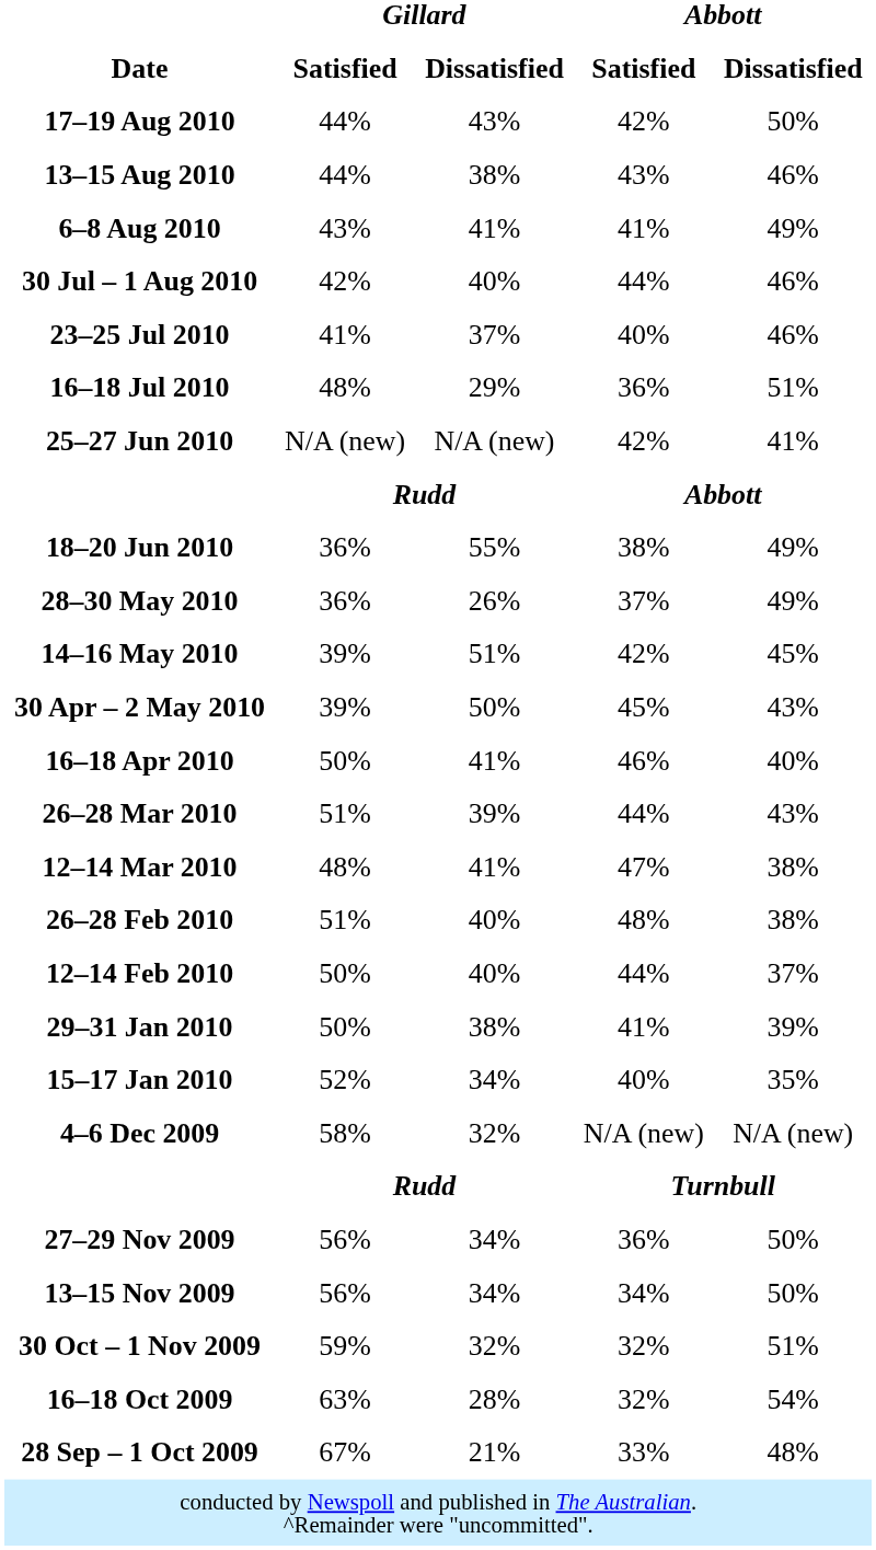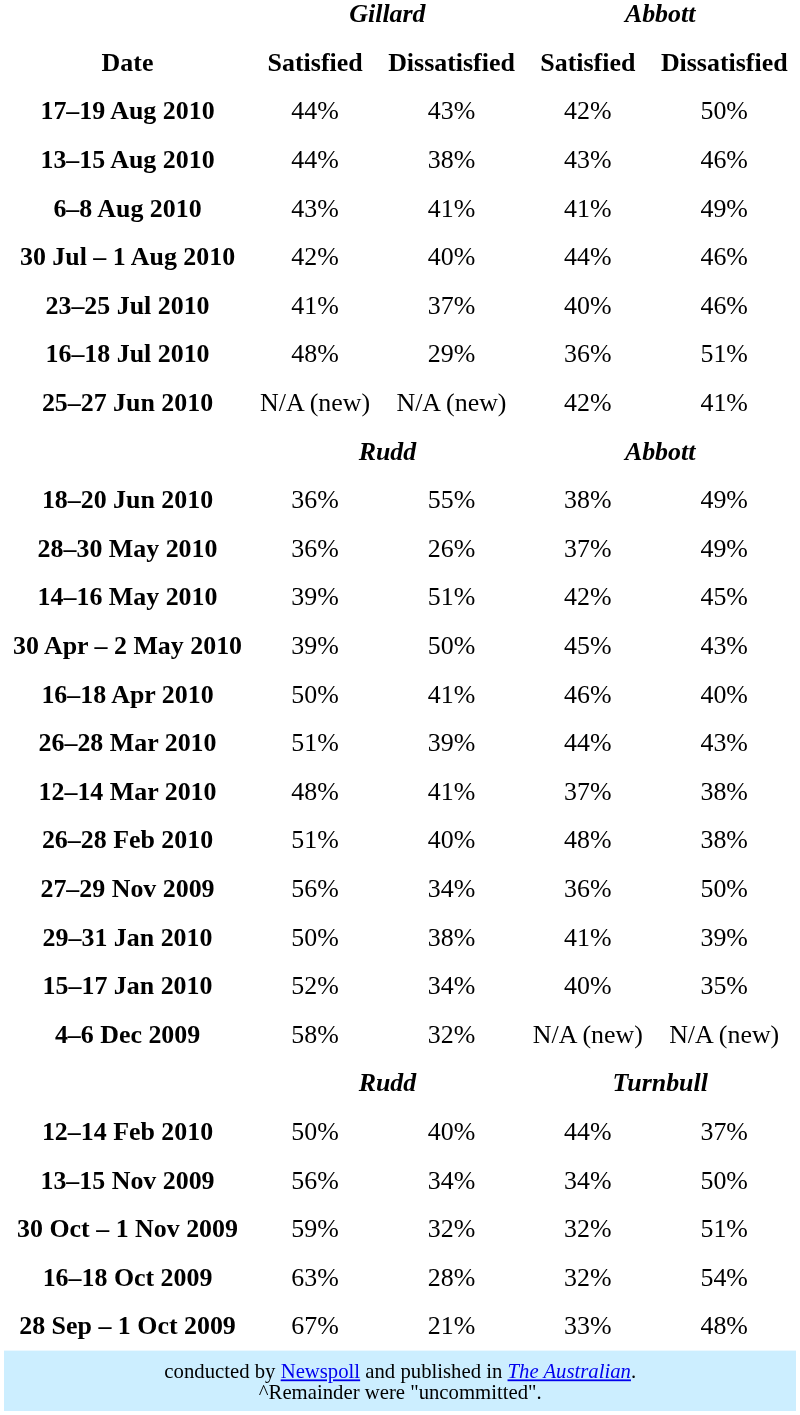 <table class="toccolours" cellpadding="5" cellspacing="0" style="float:left; margin-right:.5em; margin-top:.4em; font-size:90%;">
 <tr>
 </tr>
 <tr>
 <th></th>
 <th style=" text-align:center;" colspan="2"><em>Gillard</em></th>
 <th style=" text-align:center;" colspan="2"><em>Abbott</em></th>
 </tr>
 <tr>
 <th>Date</th>
 <th>Satisfied</th>
 <th>Dissatisfied</th>
 <th>Satisfied</th>
 <th>Dissatisfied</th>
 </tr>
 <tr |->
 <th style="text-align:center;">17–19 Aug 2010</th>
 <td style="text-align:center;">44%</td>
 <td style="text-align:center;">43%</td>
 <td style="text-align:center;">42%</td>
 <td style="text-align:center;">50%</td>
 </tr>
 <tr>
 <th style="text-align:center;">13–15 Aug 2010</th>
 <td style="text-align:center;">44%</td>
 <td style="text-align:center;">38%</td>
 <td style="text-align:center;">43%</td>
 <td style="text-align:center;">46%</td>
 </tr>
 <tr>
 <th style="text-align:center;">6–8 Aug 2010</th>
 <td style="text-align:center;">43%</td>
 <td style="text-align:center;">41%</td>
 <td style="text-align:center;">41%</td>
 <td style="text-align:center;">49%</td>
 </tr>
 <tr>
 <th style="text-align:center;">30 Jul – 1 Aug 2010</th>
 <td style="text-align:center;">42%</td>
 <td style="text-align:center;">40%</td>
 <td style="text-align:center;">44%</td>
 <td style="text-align:center;">46%</td>
 </tr>
 <tr>
 <th style="text-align:center;">23–25 Jul 2010</th>
 <td style="text-align:center;">41%</td>
 <td style="text-align:center;">37%</td>
 <td style="text-align:center;">40%</td>
 <td style="text-align:center;">46%</td>
 </tr>
 <tr>
 <th style="text-align:center;">16–18 Jul 2010</th>
 <td style="text-align:center;">48%</td>
 <td style="text-align:center;">29%</td>
 <td style="text-align:center;">36%</td>
 <td style="text-align:center;">51%</td>
 </tr>
 <tr>
 <th style="text-align:center;">25–27 Jun 2010</th>
 <td style="text-align:center;">N/A (new)</td>
 <td style="text-align:center;">N/A (new)</td>
 <td style="text-align:center;">42%</td>
 <td style="text-align:center;">41%</td>
 </tr>
 <tr>
 <th></th>
 <th style=" text-align:center;" colspan="2"><em>Rudd</em></th>
 <th style=" text-align:center;" colspan="2"><em>Abbott</em></th>
 </tr>
 <tr>
 <th style="text-align:center;">18–20 Jun 2010</th>
 <td style="text-align:center;">36%</td>
 <td style="text-align:center;">55%</td>
 <td style="text-align:center;">38%</td>
 <td style="text-align:center;">49%</td>
 </tr>
 <tr>
 <th style="text-align:center;">28–30 May 2010</th>
 <td style="text-align:center;">36%</td>
 <td style="text-align:center;">26%</td>
 <td style="text-align:center;">37%</td>
 <td style="text-align:center;">49%</td>
 </tr>
 <tr>
 <th style="text-align:center;">14–16 May 2010</th>
 <td style="text-align:center;">39%</td>
 <td style="text-align:center;">51%</td>
 <td style="text-align:center;">42%</td>
 <td style="text-align:center;">45%</td>
 </tr>
 <tr>
 <th style="text-align:center;">30 Apr – 2 May 2010</th>
 <td style="text-align:center;">39%</td>
 <td style="text-align:center;">50%</td>
 <td style="text-align:center;">45%</td>
 <td style="text-align:center;">43%</td>
 </tr>
 <tr>
 <th style="text-align:center;">16–18 Apr 2010</th>
 <td style="text-align:center;">50%</td>
 <td style="text-align:center;">41%</td>
 <td style="text-align:center;">46%</td>
 <td style="text-align:center;">40%</td>
 </tr>
 <tr>
 <th style="text-align:center;">26–28 Mar 2010</th>
 <td style="text-align:center;">51%</td>
 <td style="text-align:center;">39%</td>
 <td style="text-align:center;">44%</td>
 <td style="text-align:center;">43%</td>
 </tr>
 <tr>
 <th style="text-align:center;">12–14 Mar 2010</th>
 <td style="text-align:center;">48%</td>
 <td style="text-align:center;">41%</td>
-<td style="text-align:center;">47%</td>
+<td style="text-align:center;">37%</td>
 <td style="text-align:center;">38%</td>
 </tr>
 <tr>
 <th style="text-align:center;">26–28 Feb 2010</th>
 <td style="text-align:center;">51%</td>
 <td style="text-align:center;">40%</td>
 <td style="text-align:center;">48%</td>
 <td style="text-align:center;">38%</td>
 </tr>
 <tr>
-<th style="text-align:center;">12–14 Feb 2010</th>
+<th style="text-align:center;">27–29 Nov 2009</th>
+<td style="text-align:center;">56%</td>
+<td style="text-align:center;">34%</td>
+<td style="text-align:center;">36%</td>
 <td style="text-align:center;">50%</td>
-<td style="text-align:center;">40%</td>
-<td style="text-align:center;">44%</td>
-<td style="text-align:center;">37%</td>
 </tr>
 <tr>
 <th style="text-align:center;">29–31 Jan 2010</th>
 <td style="text-align:center;">50%</td>
 <td style="text-align:center;">38%</td>
 <td style="text-align:center;">41%</td>
 <td style="text-align:center;">39%</td>
 </tr>
 <tr>
 <th style="text-align:center;">15–17 Jan 2010</th>
 <td style="text-align:center;">52%</td>
 <td style="text-align:center;">34%</td>
 <td style="text-align:center;">40%</td>
 <td style="text-align:center;">35%</td>
 </tr>
 <tr>
 <th style="text-align:center;">4–6 Dec 2009</th>
 <td style="text-align:center;">58%</td>
 <td style="text-align:center;">32%</td>
 <td style="text-align:center;">N/A (new)</td>
 <td style="text-align:center;">N/A (new)</td>
 </tr>
 <tr>
 <th></th>
 <th style=" text-align:center;" colspan="2"><em>Rudd</em></th>
 <th style=" text-align:center;" colspan="2"><em>Turnbull</em></th>
 </tr>
 <tr>
-<th style="text-align:center;">27–29 Nov 2009</th>
-<td style="text-align:center;">56%</td>
-<td style="text-align:center;">34%</td>
-<td style="text-align:center;">36%</td>
+<th style="text-align:center;">12–14 Feb 2010</th>
 <td style="text-align:center;">50%</td>
+<td style="text-align:center;">40%</td>
+<td style="text-align:center;">44%</td>
+<td style="text-align:center;">37%</td>
 </tr>
 <tr>
 <th style="text-align:center;">13–15 Nov 2009</th>
 <td style="text-align:center;">56%</td>
 <td style="text-align:center;">34%</td>
 <td style="text-align:center;">34%</td>
 <td style="text-align:center;">50%</td>
 </tr>
 <tr>
 <th style="text-align:center;">30 Oct – 1 Nov 2009</th>
 <td style="text-align:center;">59%</td>
 <td style="text-align:center;">32%</td>
 <td style="text-align:center;">32%</td>
 <td style="text-align:center;">51%</td>
 </tr>
 <tr>
 <th style="text-align:center;">16–18 Oct 2009</th>
 <td style="text-align:center;">63%</td>
 <td style="text-align:center;">28%</td>
 <td style="text-align:center;">32%</td>
 <td style="text-align:center;">54%</td>
 </tr>
 <tr>
 <th style="text-align:center;">28 Sep – 1 Oct 2009</th>
 <td style="text-align:center;">67%</td>
 <td style="text-align:center;">21%</td>
 <td style="text-align:center;">33%</td>
 <td style="text-align:center;">48%</td>
 </tr>
 <tr>
 <td colspan="5"  style="font-size:80%; background:#cef; text-align:center;"> conducted by <a href='#'>Newspoll</a> and published in <em><a href='#'>The Australian</a></em>.<br>^Remainder were "uncommitted".</td>
 </tr>
 </table>
